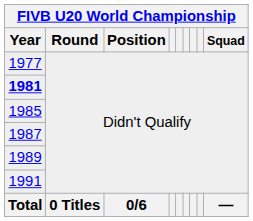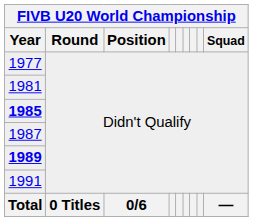 <table class="wikitable" style="text-align: center;">
 <tr>
 <th colspan=9><a href='#'>FIVB U20 World Championship</a></th>
 </tr>
 <tr>
 <th>Year</th>
 <th>Round</th>
 <th>Position</th>
 <th></th>
 <th></th>
 <th></th>
 <th></th>
 <th></th>
 <th><small>Squad</small></th>
 </tr>
 <tr bgcolor=efefef>
 <td> <a href='#'>1977</a></td>
 <td colspan=8 rowspan=6>Didn't Qualify</td>
 </tr>
 <tr bgcolor=efefef>
-<td><strong> <a href='#'>1981</a></strong></td>
+<td> <a href='#'>1981</a></td>
 </tr>
 <tr bgcolor=efefef>
-<td> <a href='#'>1985</a></td>
+<td><strong> <a href='#'>1985</a></strong></td>
 </tr>
 <tr bgcolor=efefef>
 <td> <a href='#'>1987</a></td>
 </tr>
 <tr bgcolor=efefef>
-<td> <a href='#'>1989</a></td>
+<td><strong> <a href='#'>1989</a></strong></td>
 </tr>
 <tr bgcolor=efefef>
 <td> <a href='#'>1991</a></td>
 </tr>
 <tr>
 <th>Total</th>
 <th>0 Titles</th>
 <th>0/6</th>
 <th></th>
 <th></th>
 <th></th>
 <th></th>
 <th></th>
 <th>—</th>
 </tr>
 </table>
